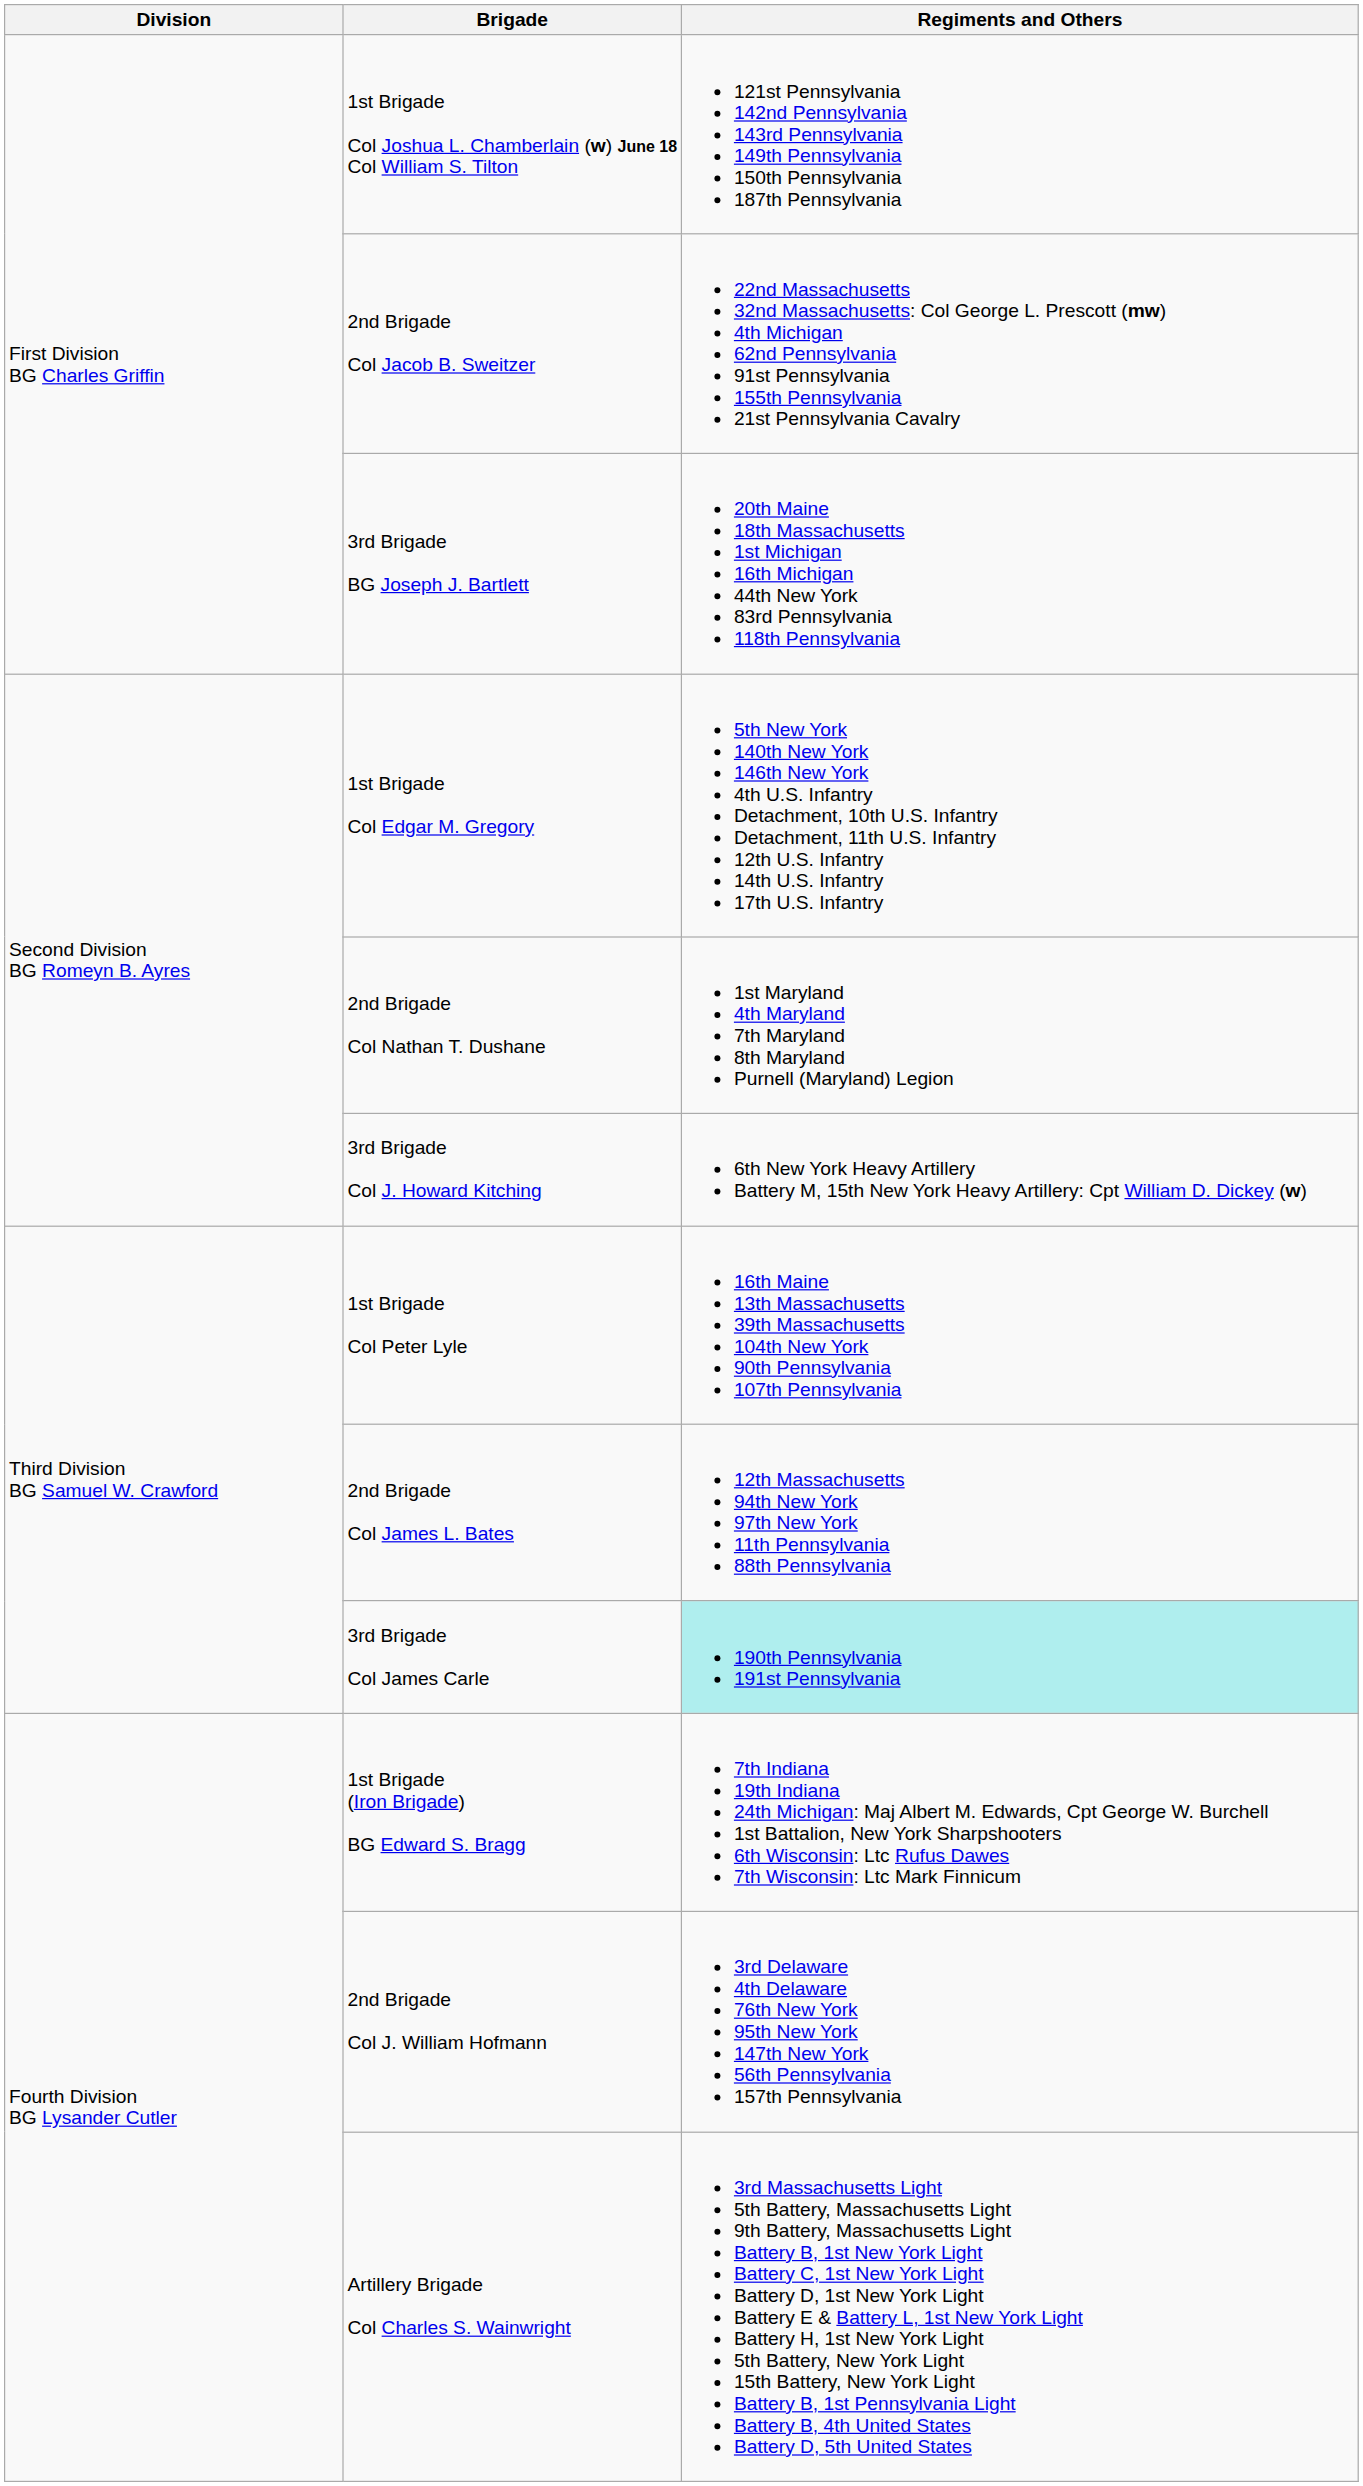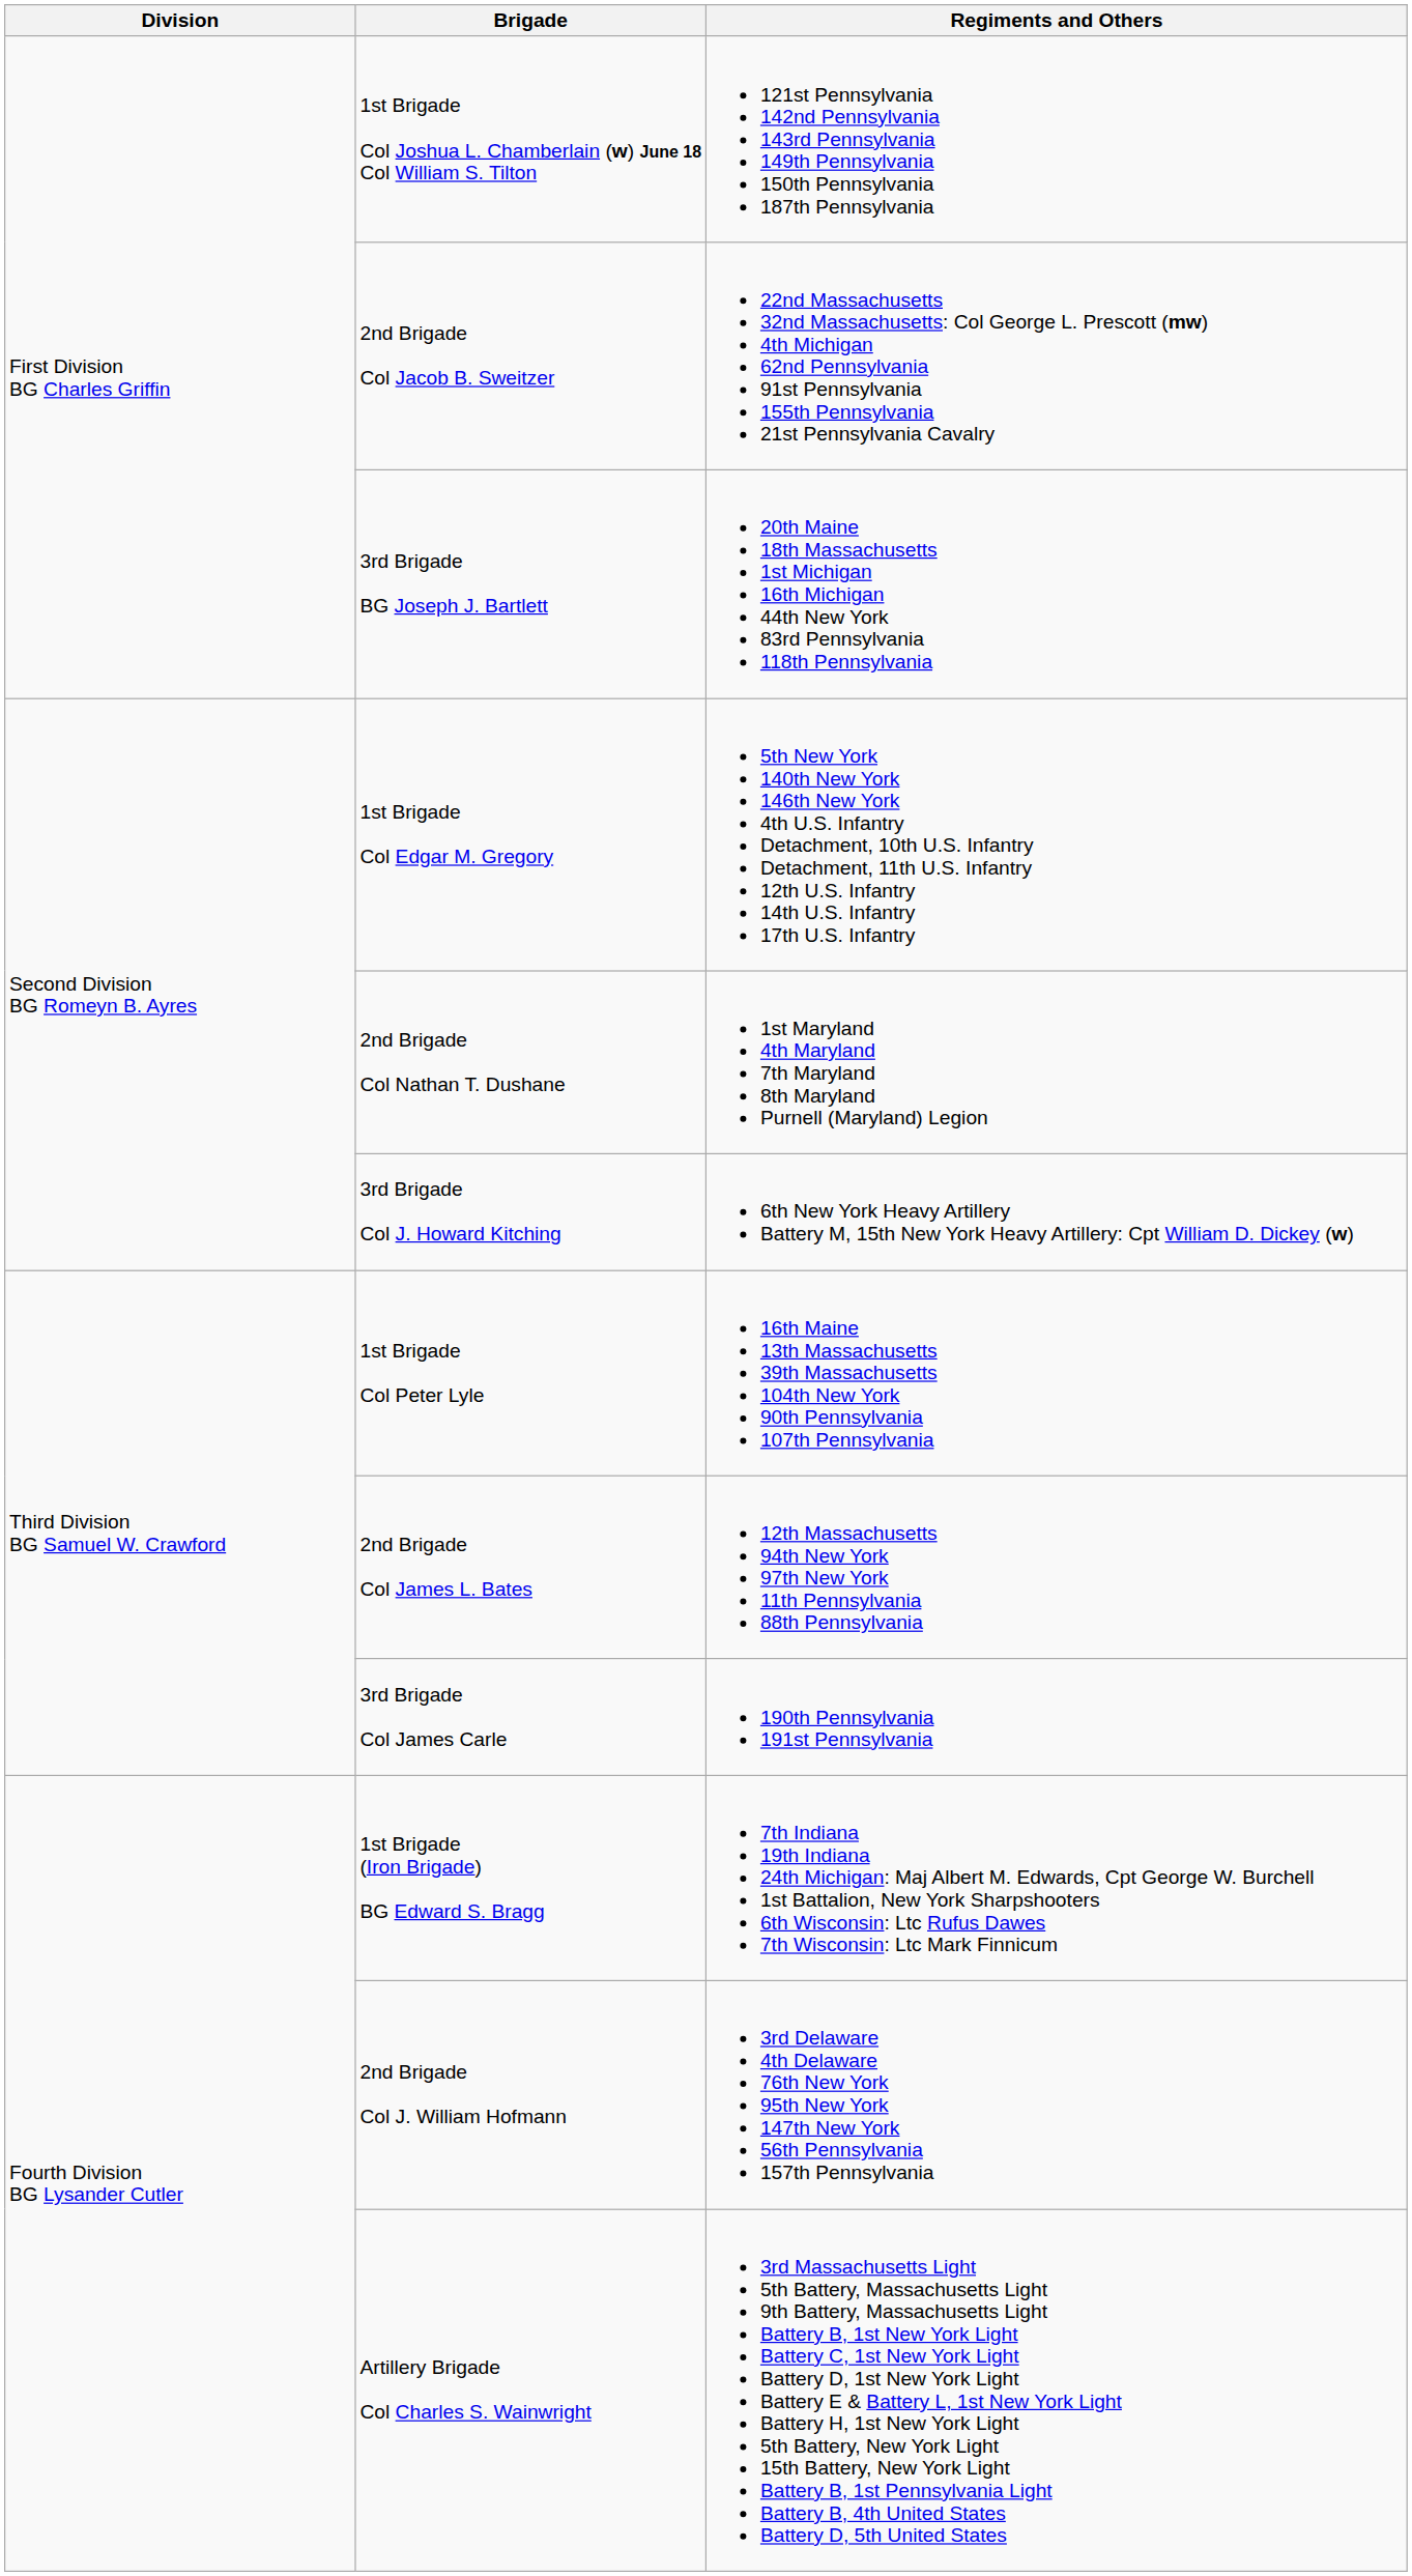 <table class="wikitable">
 <tr>
 <th width=25%>Division</th>
 <th width=25%>Brigade</th>
 <th>Regiments and Others</th>
 </tr>
 <tr>
 <td rowspan=3><br>First Division <br> BG <a href='#'>Charles Griffin</a></td>
 <td>1st Brigade<br><br> Col <a href='#'>Joshua L. Chamberlain</a> (<strong>w</strong>) <small><strong>June 18</strong></small><br>Col <a href='#'>William S. Tilton</a></td>
 <td><br><ul><li>121st Pennsylvania</li><li><a href='#'>142nd Pennsylvania</a></li><li><a href='#'>143rd Pennsylvania</a></li><li><a href='#'>149th Pennsylvania</a></li><li>150th Pennsylvania</li><li>187th Pennsylvania</li></ul></td>
 </tr>
 <tr>
 <td>2nd Brigade<br><br> Col <a href='#'>Jacob B. Sweitzer</a></td>
 <td><br><ul><li><a href='#'>22nd Massachusetts</a></li><li><a href='#'>32nd Massachusetts</a>: Col George L. Prescott (<strong>mw</strong>)</li><li><a href='#'>4th Michigan</a></li><li><a href='#'>62nd Pennsylvania</a></li><li>91st Pennsylvania</li><li><a href='#'>155th Pennsylvania</a></li><li>21st Pennsylvania Cavalry</li></ul></td>
 </tr>
 <tr>
 <td>3rd Brigade<br><br> BG <a href='#'>Joseph J. Bartlett</a></td>
 <td><br><ul><li><a href='#'>20th Maine</a></li><li><a href='#'>18th Massachusetts</a></li><li><a href='#'>1st Michigan</a></li><li><a href='#'>16th Michigan</a></li><li>44th New York</li><li>83rd Pennsylvania</li><li><a href='#'>118th Pennsylvania</a></li></ul></td>
 </tr>
 <tr>
 <td rowspan= 3><br>Second Division <br> BG <a href='#'>Romeyn B. Ayres</a></td>
 <td>1st Brigade<br><br> Col <a href='#'>Edgar M. Gregory</a></td>
 <td><br><ul><li><a href='#'>5th New York</a></li><li><a href='#'>140th New York</a></li><li><a href='#'>146th New York</a></li><li>4th U.S. Infantry</li><li>Detachment, 10th U.S. Infantry</li><li>Detachment, 11th U.S. Infantry</li><li>12th U.S. Infantry</li><li>14th U.S. Infantry</li><li>17th U.S. Infantry</li></ul></td>
 </tr>
 <tr>
 <td>2nd Brigade<br><br> Col Nathan T. Dushane</td>
 <td><br><ul><li>1st Maryland</li><li><a href='#'>4th Maryland</a></li><li>7th Maryland</li><li>8th Maryland</li><li>Purnell (Maryland) Legion</li></ul></td>
 </tr>
 <tr>
 <td>3rd Brigade<br><br> Col <a href='#'>J. Howard Kitching</a></td>
 <td><br><ul><li>6th New York Heavy Artillery</li><li>Battery M, 15th New York Heavy Artillery: Cpt <a href='#'>William D. Dickey</a> (<strong>w</strong>)</li></ul></td>
 </tr>
 <tr>
 <td rowspan=3><br>Third Division <br> BG <a href='#'>Samuel W. Crawford</a></td>
 <td>1st Brigade<br><br> Col Peter Lyle</td>
 <td><br><ul><li><a href='#'>16th Maine</a></li><li><a href='#'>13th Massachusetts</a></li><li><a href='#'>39th Massachusetts</a></li><li><a href='#'>104th New York</a></li><li><a href='#'>90th Pennsylvania</a></li><li><a href='#'>107th Pennsylvania</a></li></ul></td>
 </tr>
 <tr>
 <td>2nd Brigade<br><br> Col <a href='#'>James L. Bates</a></td>
 <td><br><ul><li><a href='#'>12th Massachusetts</a></li><li><a href='#'>94th New York</a></li><li><a href='#'>97th New York</a></li><li><a href='#'>11th Pennsylvania</a></li><li><a href='#'>88th Pennsylvania</a></li></ul></td>
 </tr>
 <tr>
 <td>3rd Brigade<br><br> Col James Carle</td>
-<td style="background: paleturquoise;"><br><ul><li><a href='#'>190th Pennsylvania</a></li><li><a href='#'>191st Pennsylvania</a></li></ul></td>
+<td><br><ul><li><a href='#'>190th Pennsylvania</a></li><li><a href='#'>191st Pennsylvania</a></li></ul></td>
 </tr>
 <tr>
 <td rowspan=3><br>Fourth Division <br> BG <a href='#'>Lysander Cutler</a></td>
 <td>1st Brigade<br>(<a href='#'>Iron Brigade</a>)<br><br> BG <a href='#'>Edward S. Bragg</a></td>
 <td><br><ul><li><a href='#'>7th Indiana</a></li><li><a href='#'>19th Indiana</a></li><li><a href='#'>24th Michigan</a>: Maj Albert M. Edwards, Cpt George W. Burchell</li><li>1st Battalion, New York Sharpshooters</li><li><a href='#'>6th Wisconsin</a>: Ltc <a href='#'>Rufus Dawes</a></li><li><a href='#'>7th Wisconsin</a>: Ltc Mark Finnicum</li></ul></td>
 </tr>
 <tr>
 <td>2nd Brigade<br><br> Col J. William Hofmann</td>
 <td><br><ul><li><a href='#'>3rd Delaware</a></li><li><a href='#'>4th Delaware</a></li><li><a href='#'>76th New York</a></li><li><a href='#'>95th New York</a></li><li><a href='#'>147th New York</a></li><li><a href='#'>56th Pennsylvania</a></li><li>157th Pennsylvania</li></ul></td>
 </tr>
 <tr>
 <td>Artillery Brigade<br><br> Col <a href='#'>Charles S. Wainwright</a></td>
 <td><br><ul><li><a href='#'>3rd Massachusetts Light</a></li><li>5th Battery, Massachusetts Light</li><li>9th Battery, Massachusetts Light</li><li><a href='#'>Battery B, 1st New York Light</a></li><li><a href='#'>Battery C, 1st New York Light</a></li><li>Battery D, 1st New York Light</li><li>Battery E & <a href='#'>Battery L, 1st New York Light</a></li><li>Battery H, 1st New York Light</li><li>5th Battery, New York Light</li><li>15th Battery, New York Light</li><li><a href='#'>Battery B, 1st Pennsylvania Light</a></li><li><a href='#'>Battery B, 4th United States</a></li><li><a href='#'>Battery D, 5th United States</a></li></ul></td>
 </tr>
 </table>
